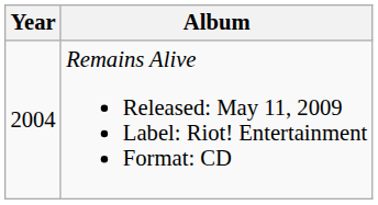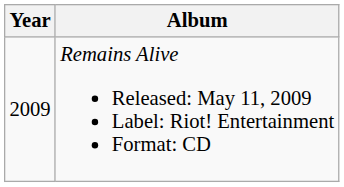 <table class="wikitable">
 <tr>
 <th>Year</th>
 <th>Album</th>
 </tr>
 <tr>
-<td>2004</td>
+<td>2009</td>
 <td><em>Remains Alive</em><br><ul><li>Released: May 11, 2009</li><li>Label: Riot! Entertainment</li><li>Format: CD</li></ul></td>
 </tr>
 </table>
